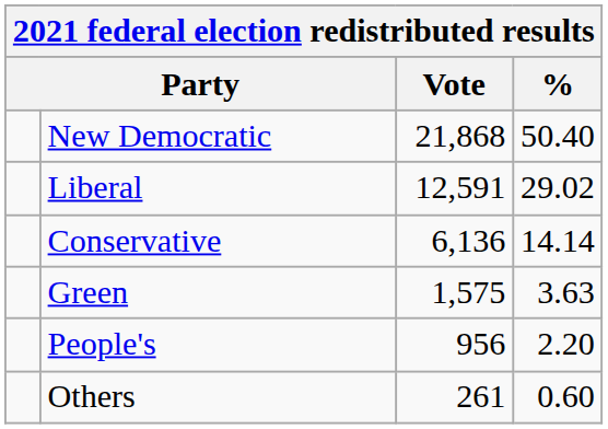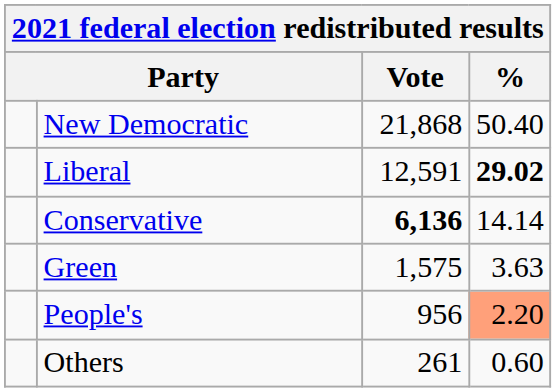 <table class="wikitable">
 <tr>
 <th colspan="4"><a href='#'>2021 federal election</a> redistributed results</th>
 </tr>
 <tr>
 <th bgcolor="#DDDDFF" width="130px" colspan="2">Party</th>
 <th bgcolor="#DDDDFF" width="50px">Vote</th>
 <th bgcolor="#DDDDFF" width="30px">%</th>
 </tr>
 <tr>
 <td> </td>
 <td><a href='#'>New Democratic</a></td>
 <td align=right>21,868</td>
 <td align=right>50.40</td>
 </tr>
 <tr>
 <td> </td>
 <td><a href='#'>Liberal</a></td>
 <td align=right>12,591</td>
-<td align=right>29.02</td>
+<td align=right><strong>29.02</strong></td>
 </tr>
 <tr>
 <td> </td>
 <td><a href='#'>Conservative</a></td>
-<td align=right>6,136</td>
+<td align=right><strong>6,136</strong></td>
 <td align=right>14.14</td>
 </tr>
 <tr>
 <td> </td>
 <td><a href='#'>Green</a></td>
 <td align=right>1,575</td>
 <td align=right>3.63</td>
 </tr>
 <tr>
 <td> </td>
 <td><a href='#'>People's</a></td>
 <td align=right>956</td>
-<td align=right>2.20</td>
+<td align=right style="background: lightsalmon;">2.20</td>
 </tr>
 <tr>
 <td> </td>
 <td>Others</td>
 <td align=right>261</td>
 <td align=right>0.60</td>
 </tr>
 </table>
